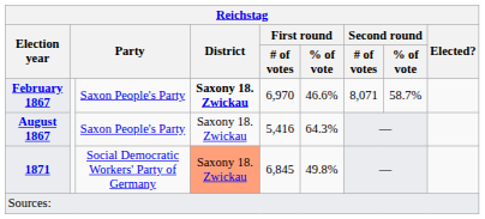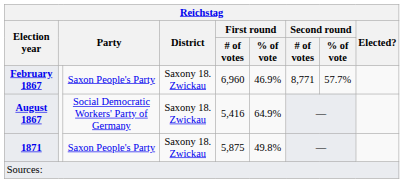 <table class="wikitable" style="text-align:center;">
 <tr>
 <th colspan="9"><a href='#'>Reichstag</a></th>
 </tr>
 <tr>
 <th rowspan="2">Election year</th>
 <th rowspan="2" colspan="2">Party</th>
 <th rowspan="2">District</th>
 <th colspan="2">First round</th>
 <th colspan="2">Second round</th>
 <th rowspan="2">Elected?</th>
 </tr>
 <tr>
 <th># of votes</th>
 <th>% of vote</th>
 <th># of votes</th>
 <th>% of vote</th>
 </tr>
 <tr>
 <th style="background-color:#EAECF0;"><a href='#'>February 1867</a></th>
 <td rowspan="3" style="background-color:"></td>
 <td><a href='#'>Saxon People's Party</a></td>
-<td><strong>Saxony 18. <a href='#'>Zwickau</a></strong></td>
-<td>6,970</td>
-<td>46.6%</td>
-<td>8,071</td>
-<td>58.7%</td>
+<td>Saxony 18. <a href='#'>Zwickau</a></td>
+<td>6,960</td>
+<td>46.9%</td>
+<td>8,771</td>
+<td>57.7%</td>
 <td></td>
 </tr>
 <tr>
 <th style="background-color:#EAECF0;"><a href='#'>August 1867</a></th>
-<td><a href='#'>Saxon People's Party</a></td>
+<td><a href='#'>Social Democratic Workers' Party of Germany</a></td>
 <td>Saxony 18. <a href='#'>Zwickau</a></td>
 <td>5,416</td>
-<td>64.3%</td>
+<td>64.9%</td>
 <td style="background-color:#EAECF0;" colspan="2">—</td>
 <td></td>
 </tr>
 <tr>
 <th style="background-color:#EAECF0;"><a href='#'>1871</a></th>
-<td><a href='#'>Social Democratic Workers' Party of Germany</a></td>
-<td style="background: lightsalmon;">Saxony 18. <a href='#'>Zwickau</a></td>
-<td>6,845</td>
+<td><a href='#'>Saxon People's Party</a></td>
+<td>Saxony 18. <a href='#'>Zwickau</a></td>
+<td>5,875</td>
 <td>49.8%</td>
 <td style="background-color:#EAECF0;" colspan="2">—</td>
 <td></td>
 </tr>
 <tr>
 <td ! style="background-color:#EAECF0; text-align:left"colspan="9">Sources:</td>
 </tr>
 </table>
